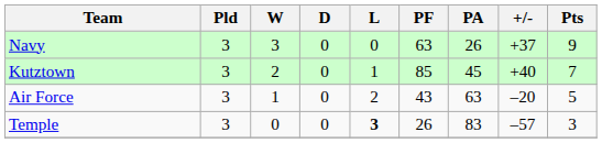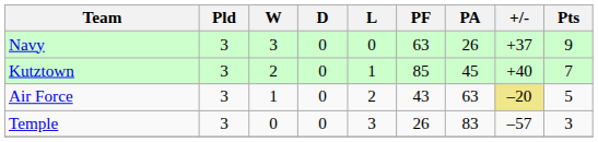 <table class="wikitable" style="text-align: center;">
 <tr>
 <th width="180">Team</th>
 <th width="40">Pld</th>
 <th width="40">W</th>
 <th width="40">D</th>
 <th width="40">L</th>
 <th width="40">PF</th>
 <th width="40">PA</th>
 <th width="40">+/-</th>
 <th width="40">Pts</th>
 </tr>
 <tr bgcolor=ccffcc>
 <td align=left><a href='#'>Navy</a></td>
 <td>3</td>
 <td>3</td>
 <td>0</td>
 <td>0</td>
 <td>63</td>
 <td>26</td>
 <td>+37</td>
 <td>9</td>
 </tr>
 <tr bgcolor=ccffcc>
 <td align=left><a href='#'>Kutztown</a></td>
 <td>3</td>
 <td>2</td>
 <td>0</td>
 <td>1</td>
 <td>85</td>
 <td>45</td>
 <td>+40</td>
 <td>7</td>
 </tr>
 <tr>
 <td align=left><a href='#'>Air Force</a></td>
 <td>3</td>
 <td>1</td>
 <td>0</td>
 <td>2</td>
 <td>43</td>
 <td>63</td>
-<td>–20</td>
+<td style="background: khaki;">–20</td>
 <td>5</td>
 </tr>
 <tr>
 <td align=left><a href='#'>Temple</a></td>
 <td>3</td>
 <td>0</td>
 <td>0</td>
-<td><strong>3</strong></td>
+<td>3</td>
 <td>26</td>
 <td>83</td>
 <td>–57</td>
 <td>3</td>
 </tr>
 <tr>
 </tr>
 </table>
